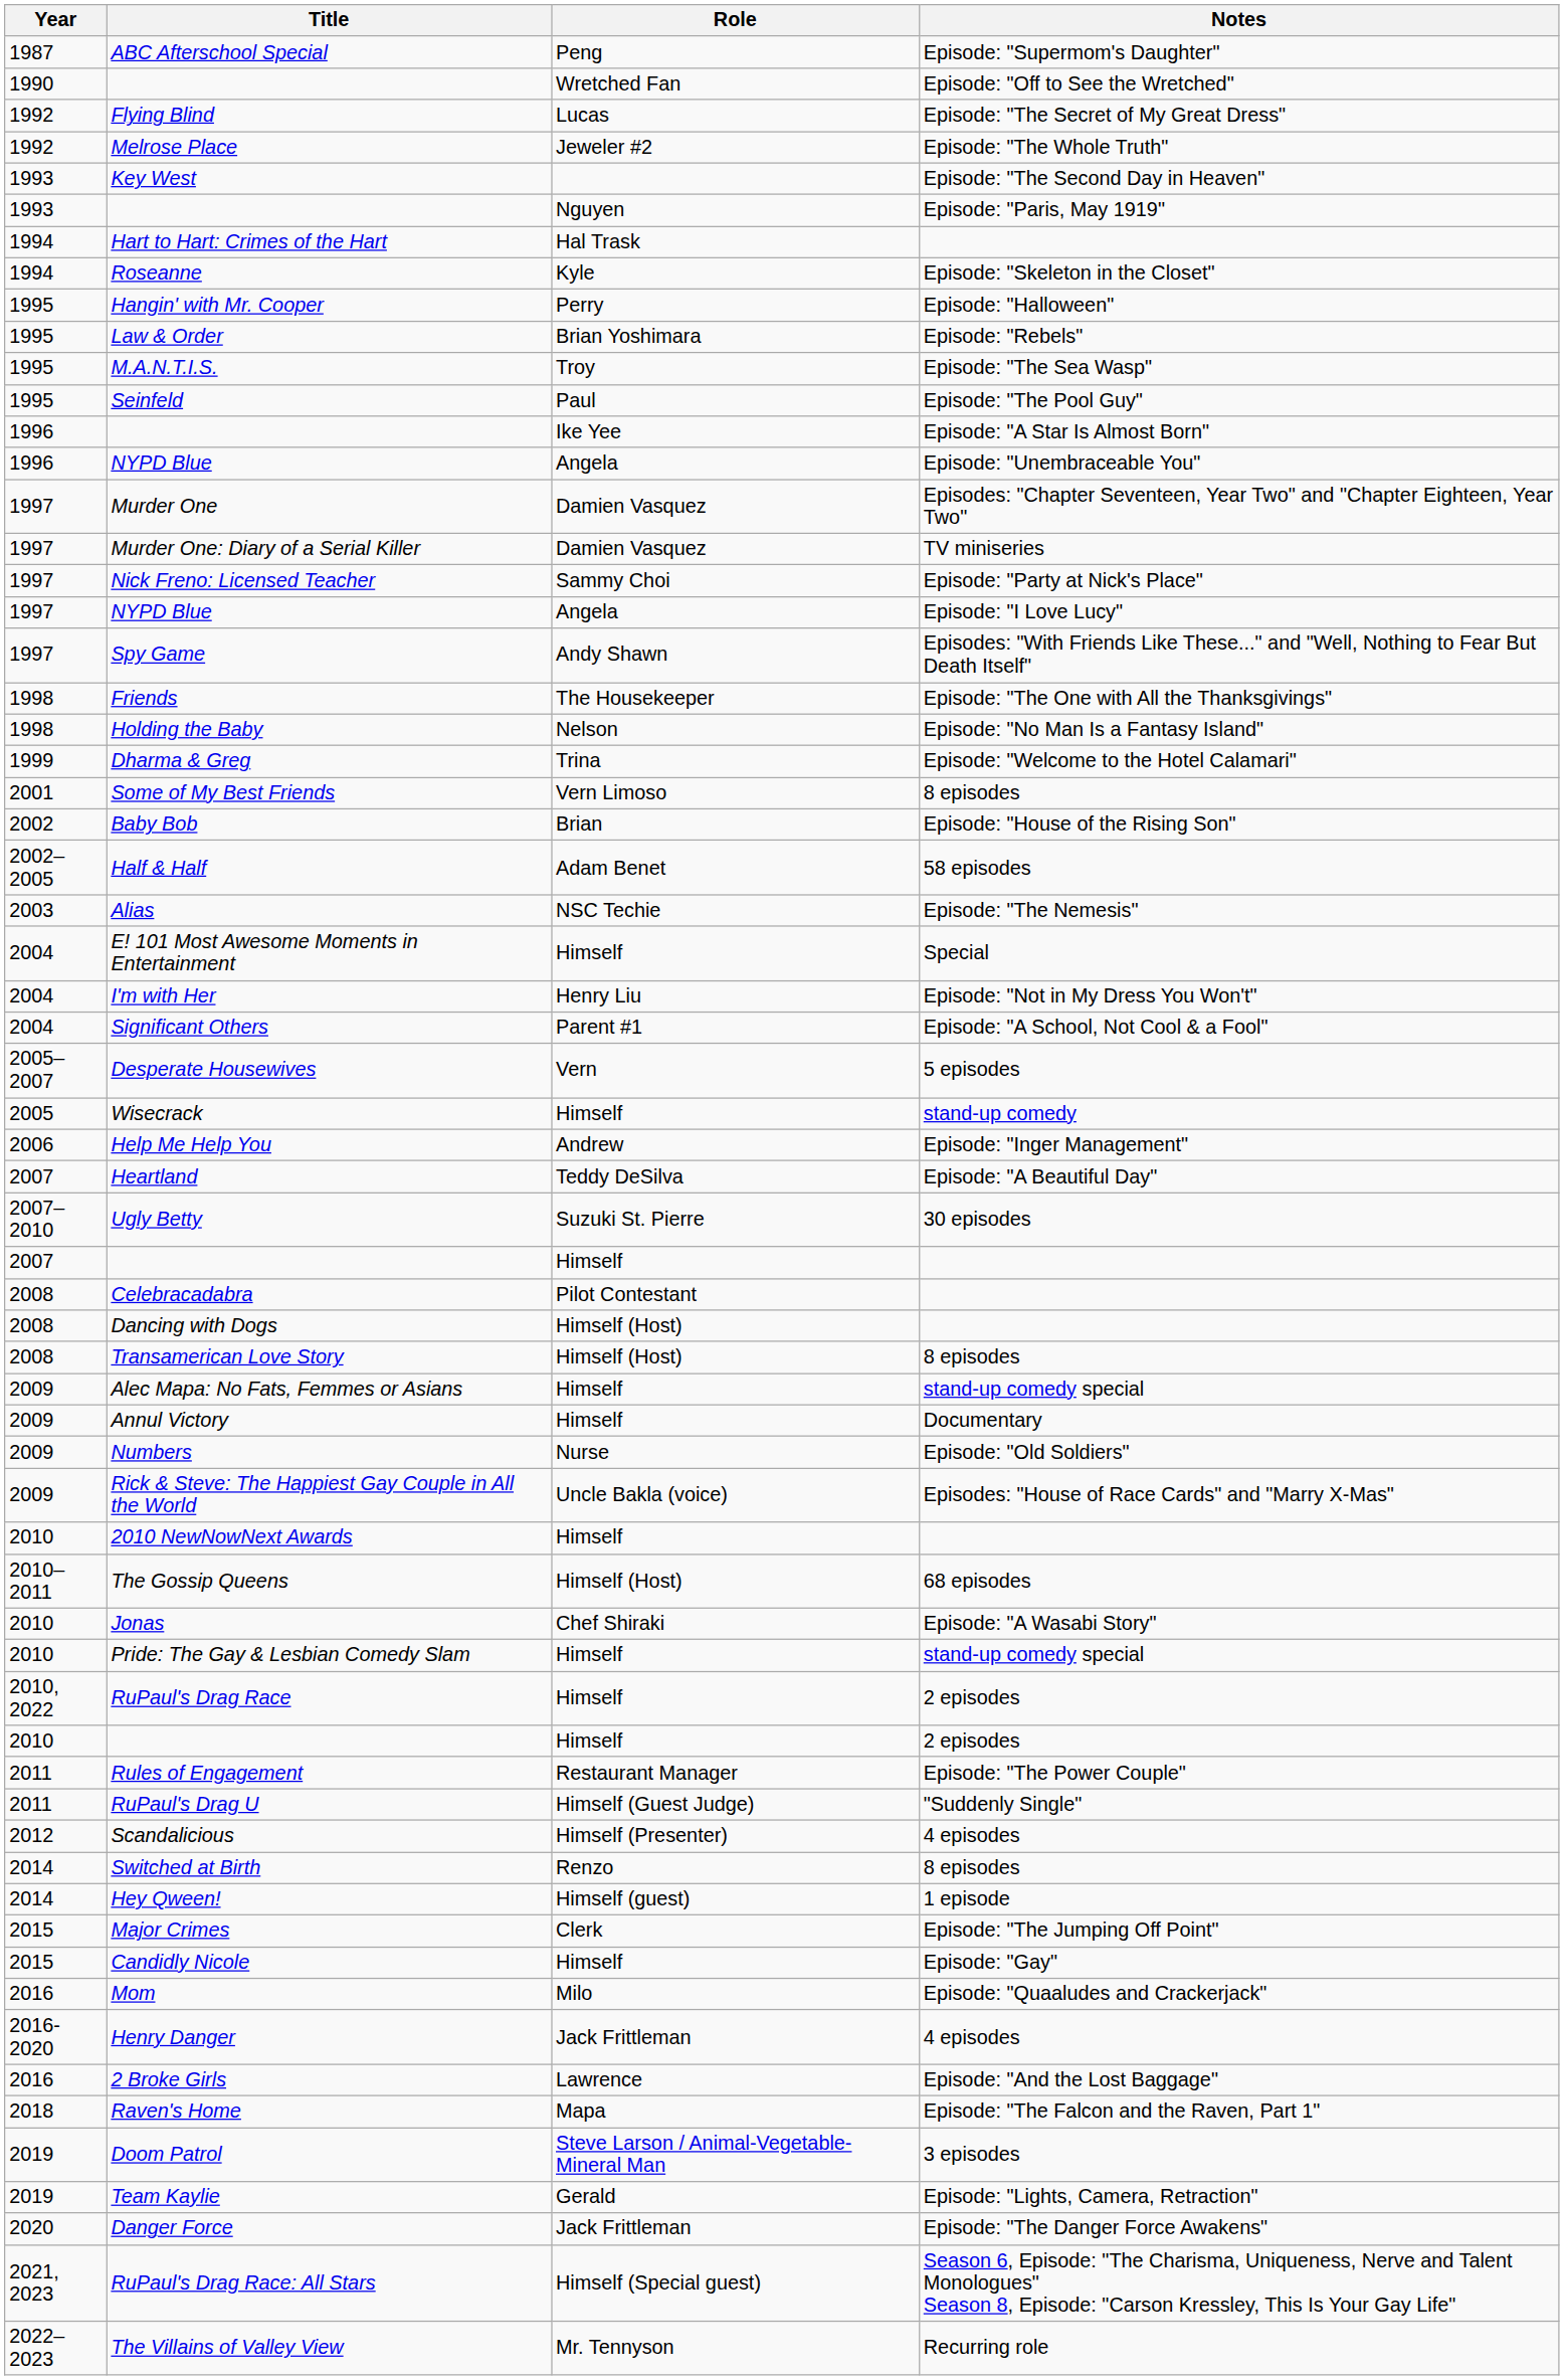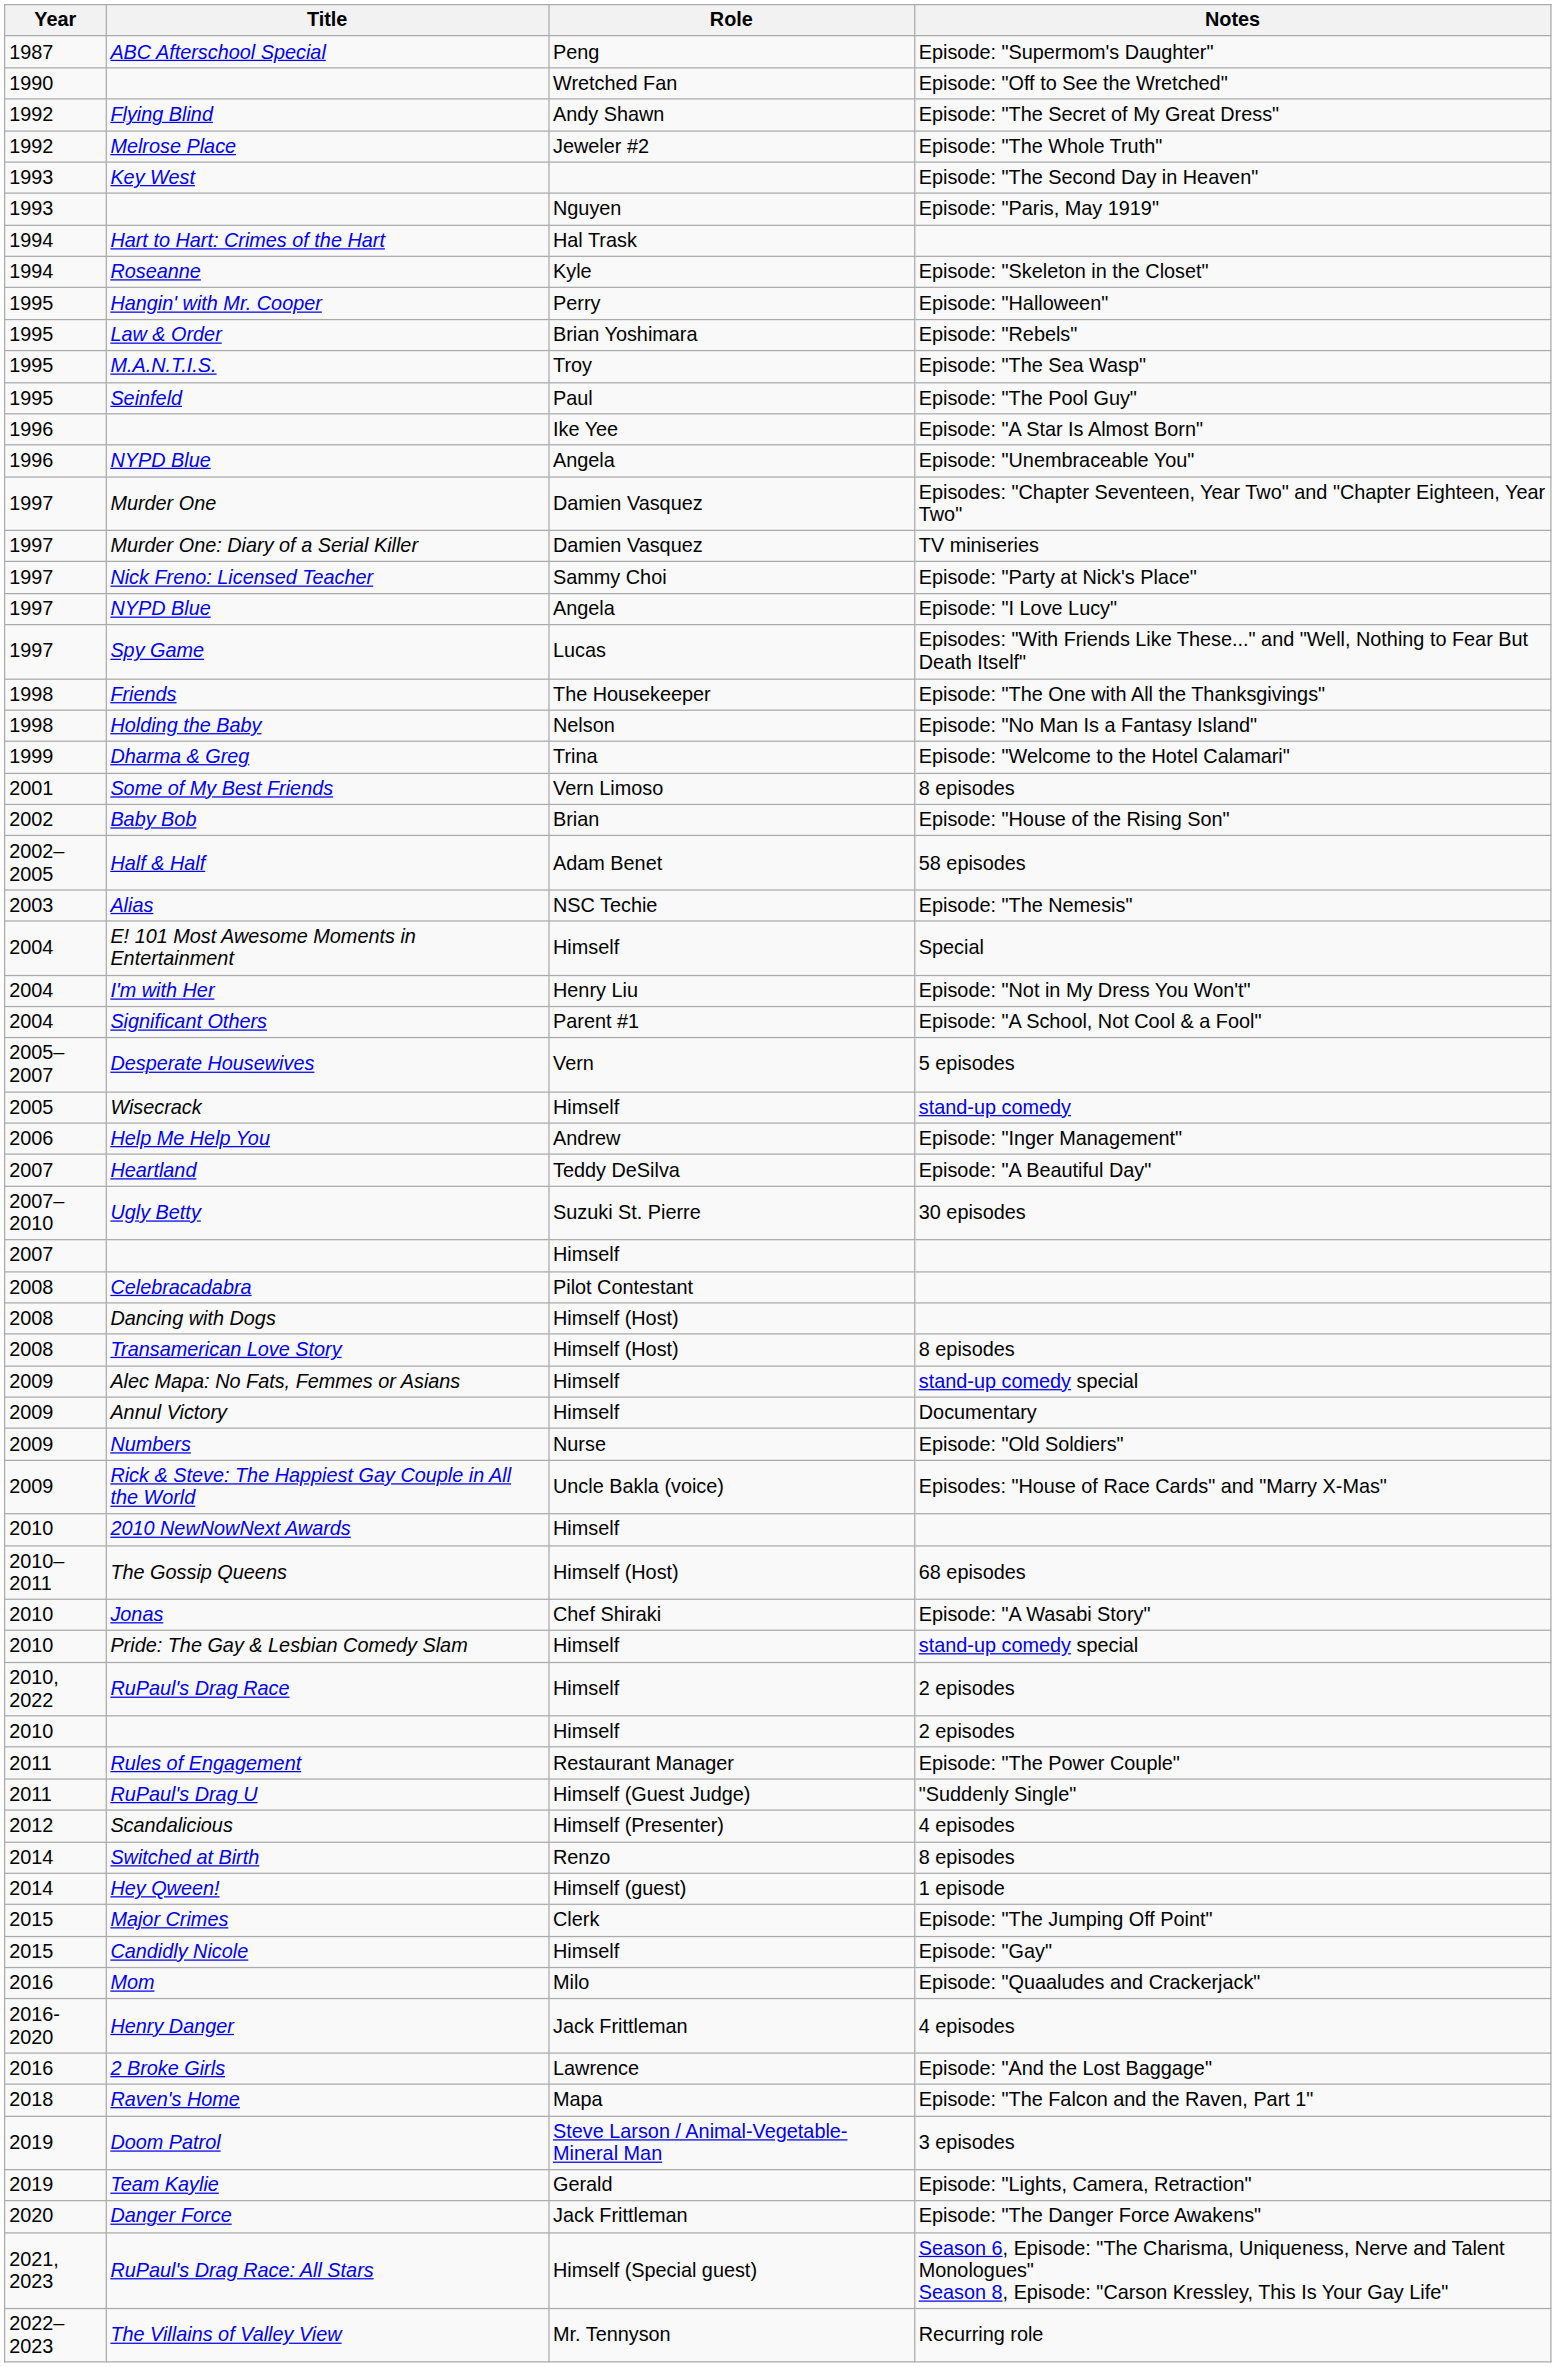 <table class="wikitable sortable">
 <tr>
 <th>Year</th>
 <th>Title</th>
 <th>Role</th>
 <th>Notes</th>
 </tr>
 <tr>
 <td>1987</td>
 <td><em><a href='#'>ABC Afterschool Special</a></em></td>
 <td>Peng</td>
 <td>Episode: "Supermom's Daughter"</td>
 </tr>
 <tr>
 <td>1990</td>
 <td><em></em></td>
 <td>Wretched Fan</td>
 <td>Episode: "Off to See the Wretched"</td>
 </tr>
 <tr>
 <td>1992</td>
 <td><em><a href='#'>Flying Blind</a></em></td>
-<td>Lucas</td>
+<td>Andy Shawn</td>
 <td>Episode: "The Secret of My Great Dress"</td>
 </tr>
 <tr>
 <td>1992</td>
 <td><em><a href='#'>Melrose Place</a></em></td>
 <td>Jeweler #2</td>
 <td>Episode: "The Whole Truth"</td>
 </tr>
 <tr>
 <td>1993</td>
 <td><em><a href='#'>Key West</a></em></td>
 <td></td>
 <td>Episode: "The Second Day in Heaven"</td>
 </tr>
 <tr>
 <td>1993</td>
 <td><em></em></td>
 <td>Nguyen</td>
 <td>Episode: "Paris, May 1919"</td>
 </tr>
 <tr>
 <td>1994</td>
 <td><em><a href='#'>Hart to Hart: Crimes of the Hart</a></em></td>
 <td>Hal Trask</td>
 <td></td>
 </tr>
 <tr>
 <td>1994</td>
 <td><em><a href='#'>Roseanne</a></em></td>
 <td>Kyle</td>
 <td>Episode: "Skeleton in the Closet"</td>
 </tr>
 <tr>
 <td>1995</td>
 <td><em><a href='#'>Hangin' with Mr. Cooper</a></em></td>
 <td>Perry</td>
 <td>Episode: "Halloween"</td>
 </tr>
 <tr>
 <td>1995</td>
 <td><em><a href='#'>Law & Order</a></em></td>
 <td>Brian Yoshimara</td>
 <td>Episode: "Rebels"</td>
 </tr>
 <tr>
 <td>1995</td>
 <td><em><a href='#'>M.A.N.T.I.S.</a></em></td>
 <td>Troy</td>
 <td>Episode: "The Sea Wasp"</td>
 </tr>
 <tr>
 <td>1995</td>
 <td><em><a href='#'>Seinfeld</a></em></td>
 <td>Paul</td>
 <td>Episode: "The Pool Guy"</td>
 </tr>
 <tr>
 <td>1996</td>
 <td><em></em></td>
 <td>Ike Yee</td>
 <td>Episode: "A Star Is Almost Born"</td>
 </tr>
 <tr>
 <td>1996</td>
 <td><em><a href='#'>NYPD Blue</a></em></td>
 <td>Angela</td>
 <td>Episode: "Unembraceable You"</td>
 </tr>
 <tr>
 <td>1997</td>
 <td><em>Murder One</em></td>
 <td>Damien Vasquez</td>
 <td>Episodes: "Chapter Seventeen, Year Two" and "Chapter Eighteen, Year Two"</td>
 </tr>
 <tr>
 <td>1997</td>
 <td><em>Murder One: Diary of a Serial Killer</em></td>
 <td>Damien Vasquez</td>
 <td>TV miniseries</td>
 </tr>
 <tr>
 <td>1997</td>
 <td><em><a href='#'>Nick Freno: Licensed Teacher</a></em></td>
 <td>Sammy Choi</td>
 <td>Episode: "Party at Nick's Place"</td>
 </tr>
 <tr>
 <td>1997</td>
 <td><em><a href='#'>NYPD Blue</a></em></td>
 <td>Angela</td>
 <td>Episode: "I Love Lucy"</td>
 </tr>
 <tr>
 <td>1997</td>
 <td><em><a href='#'>Spy Game</a></em></td>
-<td>Andy Shawn</td>
+<td>Lucas</td>
 <td>Episodes: "With Friends Like These..." and "Well, Nothing to Fear But Death Itself"</td>
 </tr>
 <tr>
 <td>1998</td>
 <td><em><a href='#'>Friends</a></em></td>
 <td>The Housekeeper</td>
 <td>Episode: "The One with All the Thanksgivings"</td>
 </tr>
 <tr>
 <td>1998</td>
 <td><em><a href='#'>Holding the Baby</a></em></td>
 <td>Nelson</td>
 <td>Episode: "No Man Is a Fantasy Island"</td>
 </tr>
 <tr>
 <td>1999</td>
 <td><em><a href='#'>Dharma & Greg</a></em></td>
 <td>Trina</td>
 <td>Episode: "Welcome to the Hotel Calamari"</td>
 </tr>
 <tr>
 <td>2001</td>
 <td><em><a href='#'>Some of My Best Friends</a></em></td>
 <td>Vern Limoso</td>
 <td>8 episodes</td>
 </tr>
 <tr>
 <td>2002</td>
 <td><em><a href='#'>Baby Bob</a></em></td>
 <td>Brian</td>
 <td>Episode: "House of the Rising Son"</td>
 </tr>
 <tr>
 <td>2002–2005</td>
 <td><em><a href='#'>Half & Half</a></em></td>
 <td>Adam Benet</td>
 <td>58 episodes</td>
 </tr>
 <tr>
 <td>2003</td>
 <td><em><a href='#'>Alias</a></em></td>
 <td>NSC Techie</td>
 <td>Episode: "The Nemesis"</td>
 </tr>
 <tr>
 <td>2004</td>
 <td><em>E! 101 Most Awesome Moments in Entertainment</em></td>
 <td>Himself</td>
 <td>Special</td>
 </tr>
 <tr>
 <td>2004</td>
 <td><em><a href='#'>I'm with Her</a></em></td>
 <td>Henry Liu</td>
 <td>Episode: "Not in My Dress You Won't"</td>
 </tr>
 <tr>
 <td>2004</td>
 <td><em><a href='#'>Significant Others</a></em></td>
 <td>Parent #1</td>
 <td>Episode: "A School, Not Cool & a Fool"</td>
 </tr>
 <tr>
 <td>2005–2007</td>
 <td><em><a href='#'>Desperate Housewives</a></em></td>
 <td>Vern</td>
 <td>5 episodes</td>
 </tr>
 <tr>
 <td>2005</td>
 <td><em>Wisecrack</em></td>
 <td>Himself</td>
 <td><a href='#'>stand-up comedy</a></td>
 </tr>
 <tr>
 <td>2006</td>
 <td><em><a href='#'>Help Me Help You</a></em></td>
 <td>Andrew</td>
 <td>Episode: "Inger Management"</td>
 </tr>
 <tr>
 <td>2007</td>
 <td><em><a href='#'>Heartland</a></em></td>
 <td>Teddy DeSilva</td>
 <td>Episode: "A Beautiful Day"</td>
 </tr>
 <tr>
 <td>2007–2010</td>
 <td><em><a href='#'>Ugly Betty</a></em></td>
 <td>Suzuki St. Pierre</td>
 <td>30 episodes</td>
 </tr>
 <tr>
 <td>2007</td>
 <td><em></em></td>
 <td>Himself</td>
 <td></td>
 </tr>
 <tr>
 <td>2008</td>
 <td><em><a href='#'>Celebracadabra</a></em></td>
 <td>Pilot Contestant</td>
 <td></td>
 </tr>
 <tr>
 <td>2008</td>
 <td><em>Dancing with Dogs</em></td>
 <td>Himself (Host)</td>
 <td></td>
 </tr>
 <tr>
 <td>2008</td>
 <td><em><a href='#'>Transamerican Love Story</a></em></td>
 <td>Himself (Host)</td>
 <td>8 episodes</td>
 </tr>
 <tr>
 <td>2009</td>
 <td><em>Alec Mapa: No Fats, Femmes or Asians</em></td>
 <td>Himself</td>
 <td><a href='#'>stand-up comedy</a> special</td>
 </tr>
 <tr>
 <td>2009</td>
 <td><em>Annul Victory</em></td>
 <td>Himself</td>
 <td>Documentary</td>
 </tr>
 <tr>
 <td>2009</td>
 <td><em><a href='#'>Numbers</a></em></td>
 <td>Nurse</td>
 <td>Episode: "Old Soldiers"</td>
 </tr>
 <tr>
 <td>2009</td>
 <td><em><a href='#'>Rick & Steve: The Happiest Gay Couple in All the World</a></em></td>
 <td>Uncle Bakla (voice)</td>
 <td>Episodes: "House of Race Cards" and "Marry X-Mas"</td>
 </tr>
 <tr>
 <td>2010</td>
 <td><em><a href='#'>2010 NewNowNext Awards</a></em></td>
 <td>Himself</td>
 <td></td>
 </tr>
 <tr>
 <td>2010–2011</td>
 <td><em>The Gossip Queens</em></td>
 <td>Himself (Host)</td>
 <td>68 episodes</td>
 </tr>
 <tr>
 <td>2010</td>
 <td><em><a href='#'>Jonas</a></em></td>
 <td>Chef Shiraki</td>
 <td>Episode: "A Wasabi Story"</td>
 </tr>
 <tr>
 <td>2010</td>
 <td><em>Pride: The Gay & Lesbian Comedy Slam</em></td>
 <td>Himself</td>
 <td><a href='#'>stand-up comedy</a> special</td>
 </tr>
 <tr>
 <td>2010, 2022</td>
 <td><em><a href='#'>RuPaul's Drag Race</a></em></td>
 <td>Himself</td>
 <td>2 episodes</td>
 </tr>
 <tr>
 <td>2010</td>
 <td><em></em></td>
 <td>Himself</td>
 <td>2 episodes</td>
 </tr>
 <tr>
 <td>2011</td>
 <td><em><a href='#'>Rules of Engagement</a></em></td>
 <td>Restaurant Manager</td>
 <td>Episode: "The Power Couple"</td>
 </tr>
 <tr>
 <td>2011</td>
 <td><em><a href='#'>RuPaul's Drag U</a></em></td>
 <td>Himself (Guest Judge)</td>
 <td>"Suddenly Single"</td>
 </tr>
 <tr>
 <td>2012</td>
 <td><em>Scandalicious</em></td>
 <td>Himself (Presenter)</td>
 <td>4 episodes</td>
 </tr>
 <tr>
 <td>2014</td>
 <td><em><a href='#'>Switched at Birth</a></em></td>
 <td>Renzo</td>
 <td>8 episodes</td>
 </tr>
 <tr>
 <td>2014</td>
 <td><em><a href='#'>Hey Qween!</a></em></td>
 <td>Himself (guest)</td>
 <td>1 episode</td>
 </tr>
 <tr>
 <td>2015</td>
 <td><em><a href='#'>Major Crimes</a></em></td>
 <td>Clerk</td>
 <td>Episode: "The Jumping Off Point"</td>
 </tr>
 <tr>
 <td>2015</td>
 <td><em><a href='#'>Candidly Nicole</a></em></td>
 <td>Himself</td>
 <td>Episode: "Gay"</td>
 </tr>
 <tr>
 <td>2016</td>
 <td><em><a href='#'>Mom</a></em></td>
 <td>Milo</td>
 <td>Episode: "Quaaludes and Crackerjack"</td>
 </tr>
 <tr>
 <td>2016-2020</td>
 <td><em><a href='#'>Henry Danger</a></em></td>
 <td>Jack Frittleman</td>
 <td>4 episodes</td>
 </tr>
 <tr>
 <td>2016</td>
 <td><em><a href='#'>2 Broke Girls</a></em></td>
 <td>Lawrence</td>
 <td>Episode: "And the Lost Baggage"</td>
 </tr>
 <tr>
 <td>2018</td>
 <td><em><a href='#'>Raven's Home</a></em></td>
 <td>Mapa</td>
 <td>Episode: "The Falcon and the Raven, Part 1"</td>
 </tr>
 <tr>
 <td>2019</td>
 <td><em><a href='#'>Doom Patrol</a></em></td>
 <td><a href='#'>Steve Larson / Animal-Vegetable-Mineral Man</a></td>
 <td>3 episodes</td>
 </tr>
 <tr>
 <td>2019</td>
 <td><em><a href='#'>Team Kaylie</a></em></td>
 <td>Gerald</td>
 <td>Episode: "Lights, Camera, Retraction"</td>
 </tr>
 <tr>
 <td>2020</td>
 <td><em><a href='#'>Danger Force</a></em></td>
 <td>Jack Frittleman</td>
 <td>Episode: "The Danger Force Awakens"</td>
 </tr>
 <tr>
 <td>2021, 2023</td>
 <td><em><a href='#'>RuPaul's Drag Race: All Stars</a></em></td>
 <td>Himself (Special guest)</td>
 <td><a href='#'>Season 6</a>, Episode: "The Charisma, Uniqueness, Nerve and Talent Monologues"<br><a href='#'>Season 8</a>, Episode: "Carson Kressley, This Is Your Gay Life"</td>
 </tr>
 <tr>
 <td>2022–2023</td>
 <td><em><a href='#'>The Villains of Valley View</a></em></td>
 <td>Mr. Tennyson</td>
 <td>Recurring role</td>
 </tr>
 </table>
